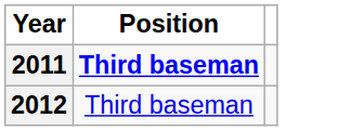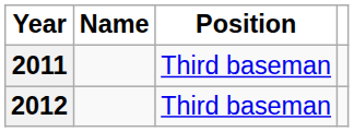 <table class="wikitable sortable plainrowheaders" style="text-align:center">
 <tr>
 <th scope="col" style="background-color:#ffffff; border-top:#">Year</th>
+<th scope="col" style="background-color:#ffffff; border-top:#">Name</th>
 <th scope="col" style="background-color:#ffffff; border-top:#">Position</th>
 <th scope="col" class="unsortable" style="background-color:#ffffff; border-top:#"></th>
 </tr>
 <tr>
 <th scope="row" style="text-align:center">2011</th>
-<td><strong><a href='#'>Third baseman</a></strong></td>
+<td> </td>
+<td><a href='#'>Third baseman</a></td>
 <td></td>
 </tr>
 <tr>
 <th scope="row" style="text-align:center">2012</th>
+<td> </td>
 <td><a href='#'>Third baseman</a></td>
 <td></td>
 </tr>
 </table>
